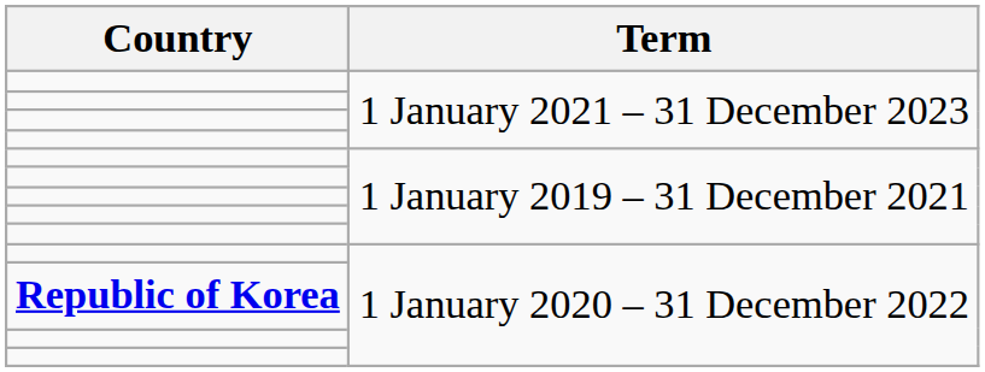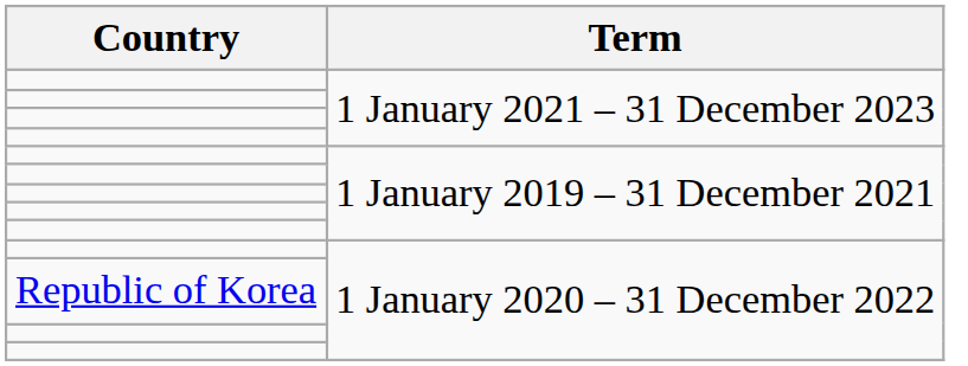 <table class="wikitable">
 <tr>
 <th>Country</th>
 <th>Term</th>
 </tr>
 <tr>
 <td></td>
 <td rowspan=4>1 January 2021 – 31 December 2023</td>
 </tr>
 <tr>
 <td></td>
 </tr>
 <tr>
 <td></td>
 </tr>
 <tr>
 <td></td>
 </tr>
 <tr>
 <td></td>
 <td rowspan=5>1 January 2019 – 31 December 2021</td>
 </tr>
 <tr>
 <td></td>
 </tr>
 <tr>
 <td></td>
 </tr>
 <tr>
 <td></td>
 </tr>
 <tr>
 <td></td>
 </tr>
 <tr>
 <td></td>
 <td rowspan=4>1 January 2020 – 31 December 2022</td>
 </tr>
 <tr>
-<td><strong> <a href='#'>Republic of Korea</a></strong></td>
+<td> <a href='#'>Republic of Korea</a></td>
 </tr>
 <tr>
 <td></td>
 </tr>
 <tr>
 <td></td>
 </tr>
 </table>
